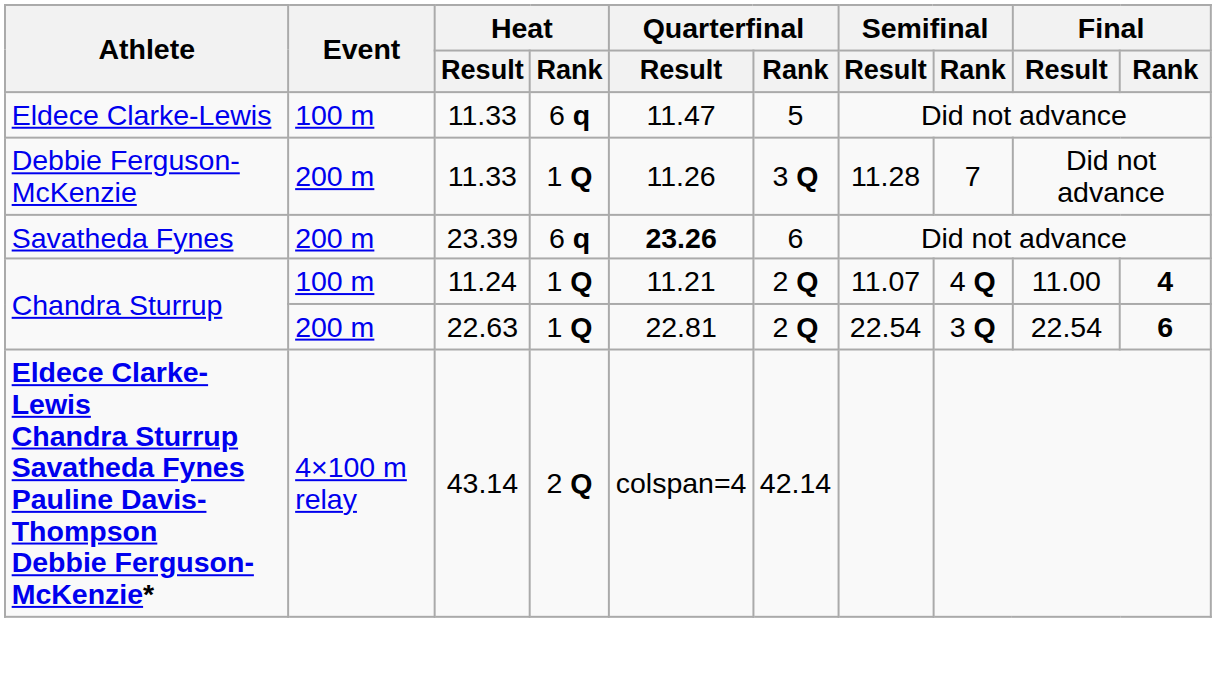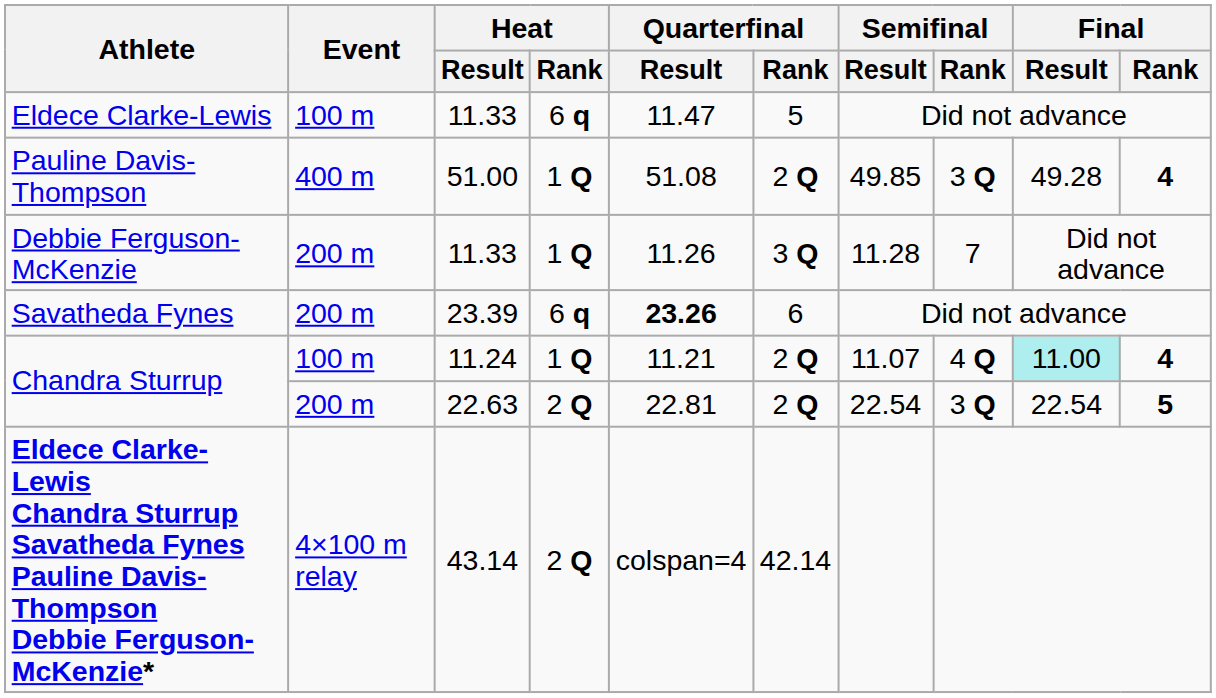 <table class="wikitable" style="font-size:90%">
 <tr>
 <th rowspan="2">Athlete</th>
 <th rowspan="2">Event</th>
 <th colspan="2">Heat</th>
 <th colspan="2">Quarterfinal</th>
 <th colspan="2">Semifinal</th>
 <th colspan="2">Final</th>
 </tr>
 <tr style="font-size:95%">
 <th>Result</th>
 <th>Rank</th>
 <th>Result</th>
 <th>Rank</th>
 <th>Result</th>
 <th>Rank</th>
 <th>Result</th>
 <th>Rank</th>
 </tr>
 <tr align=center>
 <td align=left><a href='#'>Eldece Clarke-Lewis</a></td>
 <td align=left><a href='#'>100 m</a></td>
 <td>11.33</td>
 <td>6 <strong>q</strong></td>
 <td>11.47</td>
 <td>5</td>
 <td colspan=4>Did not advance</td>
+</tr>
+<tr align=center>
+<td align=left><a href='#'>Pauline Davis-Thompson</a></td>
+<td align=left><a href='#'>400 m</a></td>
+<td>51.00</td>
+<td>1 <strong>Q</strong></td>
+<td>51.08</td>
+<td>2 <strong>Q</strong></td>
+<td>49.85</td>
+<td>3 <strong>Q</strong></td>
+<td>49.28</td>
+<td><strong>4</strong></td>
 </tr>
 <tr align=center>
 <td align=left><a href='#'>Debbie Ferguson-McKenzie</a></td>
 <td align=left><a href='#'>200 m</a></td>
 <td>11.33</td>
 <td>1 <strong>Q</strong></td>
 <td>11.26</td>
 <td>3 <strong>Q</strong></td>
 <td>11.28</td>
 <td>7</td>
 <td colspan=2>Did not advance</td>
 </tr>
 <tr align=center>
 <td align=left><a href='#'>Savatheda Fynes</a></td>
 <td align=left><a href='#'>200 m</a></td>
 <td>23.39</td>
 <td>6 <strong>q</strong></td>
 <td><strong>23.26</strong></td>
 <td>6</td>
 <td colspan=4>Did not advance</td>
 </tr>
 <tr align=center>
 <td align=left rowspan=2><a href='#'>Chandra Sturrup</a></td>
 <td align=left><a href='#'>100 m</a></td>
 <td>11.24</td>
 <td>1 <strong>Q</strong></td>
 <td>11.21</td>
 <td>2 <strong>Q</strong></td>
 <td>11.07</td>
 <td>4 <strong>Q</strong></td>
-<td>11.00</td>
+<td style="background: paleturquoise;">11.00</td>
 <td><strong>4</strong></td>
 </tr>
 <tr align=center>
 <td align=left><a href='#'>200 m</a></td>
 <td>22.63</td>
-<td>1 <strong>Q</strong></td>
+<td>2 <strong>Q</strong></td>
 <td>22.81</td>
 <td>2 <strong>Q</strong></td>
 <td>22.54</td>
 <td>3 <strong>Q</strong></td>
 <td>22.54</td>
-<td><strong>6</strong></td>
+<td><strong>5</strong></td>
 </tr>
 <tr align=center>
 <td align=left><strong><a href='#'>Eldece Clarke-Lewis</a><br><a href='#'>Chandra Sturrup</a><br><a href='#'>Savatheda Fynes</a><br><a href='#'>Pauline Davis-Thompson</a><br><a href='#'>Debbie Ferguson-McKenzie</a>*</strong></td>
 <td align=left><a href='#'>4×100 m relay</a></td>
 <td>43.14</td>
 <td>2 <strong>Q</strong></td>
 <td>colspan=4 </td>
 <td>42.14</td>
 <td></td>
 </tr>
 </table>
